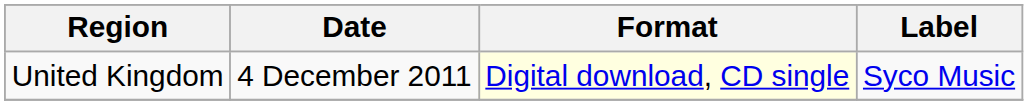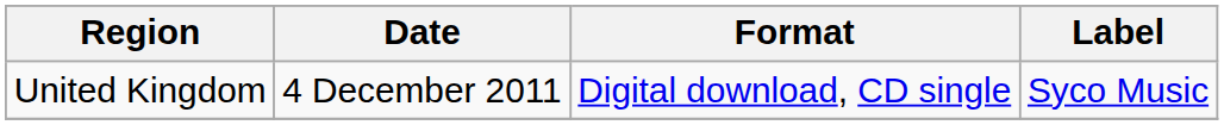 <table class="wikitable">
 <tr>
 <th scope="col">Region</th>
 <th scope="col">Date</th>
 <th scope="col">Format</th>
 <th scope="col">Label</th>
 </tr>
 <tr>
 <td>United Kingdom</td>
 <td>4 December 2011</td>
-<td style="background: lightyellow;"><a href='#'>Digital download</a>, <a href='#'>CD single</a></td>
+<td><a href='#'>Digital download</a>, <a href='#'>CD single</a></td>
 <td><a href='#'>Syco Music</a></td>
 </tr>
 <tr>
 </tr>
 </table>
